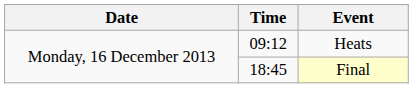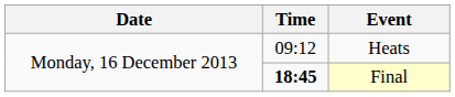 <table class = "wikitable" style="text-align:center;">
 <tr>
 <th width=220>Date</th>
 <th width=50>Time</th>
 <th width=100>Event</th>
 </tr>
 <tr>
 <td rowspan=2>Monday, 16 December 2013</td>
 <td>09:12</td>
 <td>Heats</td>
 </tr>
 <tr>
-<td>18:45</td>
+<td><strong>18:45</strong></td>
 <td bgcolor=ffffcc>Final</td>
 </tr>
 </table>
